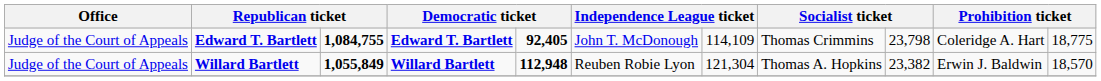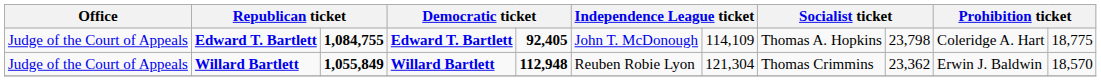 <table class=wikitable>
 <tr bgcolor=lightgrey>
 <th>Office</th>
 <th colspan="2" ><a href='#'>Republican</a> ticket</th>
 <th colspan="2" ><a href='#'>Democratic</a> ticket</th>
 <th colspan="2" ><a href='#'>Independence League</a> ticket</th>
 <th colspan="2" ><a href='#'>Socialist</a> ticket</th>
 <th colspan="2" ><a href='#'>Prohibition</a> ticket</th>
 </tr>
 <tr>
 <td><a href='#'>Judge of the Court of Appeals</a></td>
 <td><strong><a href='#'>Edward T. Bartlett</a></strong></td>
 <td align="right"><strong>1,084,755</strong></td>
 <td><strong><a href='#'>Edward T. Bartlett</a></strong></td>
 <td align="right"><strong>92,405</strong></td>
 <td><a href='#'>John T. McDonough</a></td>
 <td align="right">114,109</td>
-<td>Thomas Crimmins</td>
+<td>Thomas A. Hopkins</td>
 <td align="right">23,798</td>
 <td>Coleridge A. Hart</td>
 <td align="right">18,775</td>
 </tr>
 <tr>
 <td><a href='#'>Judge of the Court of Appeals</a></td>
 <td><strong><a href='#'>Willard Bartlett</a></strong></td>
 <td align="right"><strong>1,055,849</strong></td>
 <td><strong><a href='#'>Willard Bartlett</a></strong></td>
 <td align="right"><strong>112,948</strong></td>
 <td>Reuben Robie Lyon</td>
 <td align="right">121,304</td>
-<td>Thomas A. Hopkins</td>
-<td align="right">23,382</td>
+<td>Thomas Crimmins</td>
+<td align="right">23,362</td>
 <td>Erwin J. Baldwin</td>
 <td align="right">18,570</td>
 </tr>
 <tr>
 </tr>
 </table>
